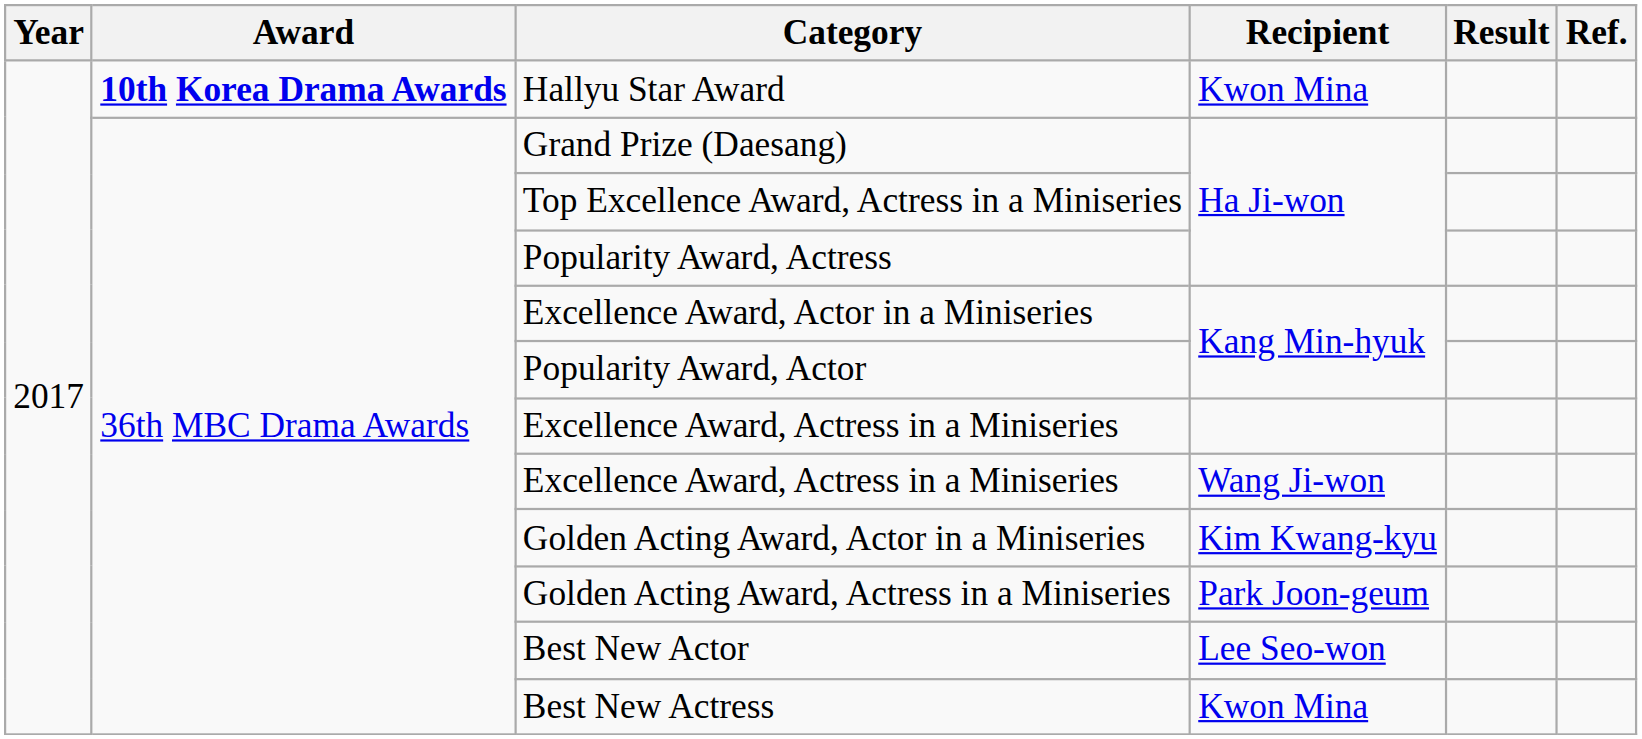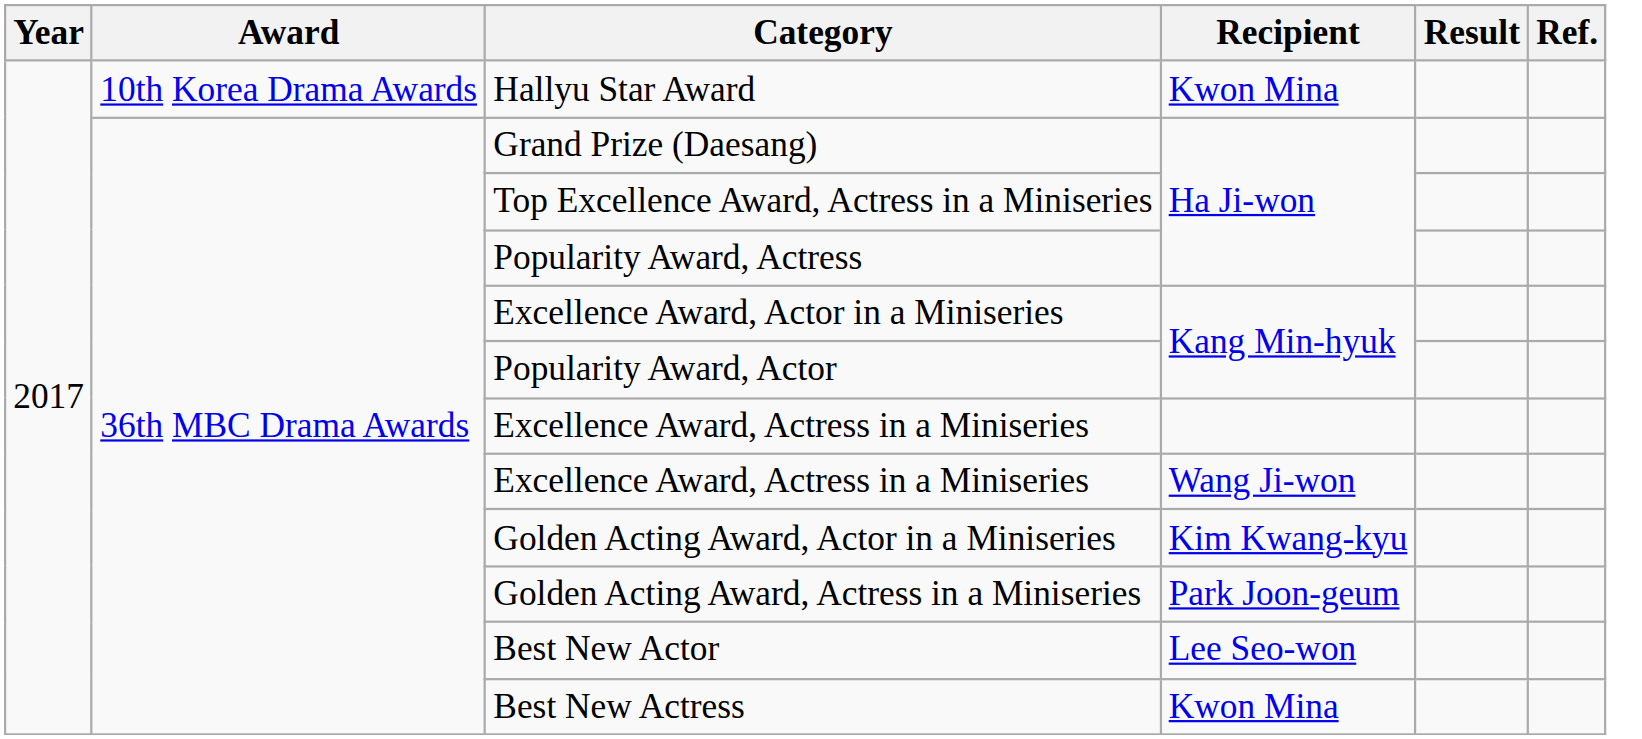 <table class="wikitable">
 <tr>
 <th>Year</th>
 <th>Award</th>
 <th>Category</th>
 <th>Recipient</th>
 <th>Result</th>
 <th>Ref.</th>
 </tr>
 <tr>
 <td rowspan="12">2017</td>
-<td><strong><a href='#'>10th</a> <a href='#'>Korea Drama Awards</a></strong></td>
+<td><a href='#'>10th</a> <a href='#'>Korea Drama Awards</a></td>
 <td>Hallyu Star Award</td>
 <td><a href='#'>Kwon Mina</a></td>
 <td></td>
 <td></td>
 </tr>
 <tr>
 <td rowspan="11"><a href='#'>36th</a> <a href='#'>MBC Drama Awards</a></td>
 <td>Grand Prize (Daesang)</td>
 <td rowspan="3"><a href='#'>Ha Ji-won</a></td>
 <td></td>
 <td></td>
 </tr>
 <tr>
 <td>Top Excellence Award, Actress in a Miniseries</td>
 <td></td>
 <td></td>
 </tr>
 <tr>
 <td>Popularity Award, Actress</td>
 <td></td>
 <td></td>
 </tr>
 <tr>
 <td>Excellence Award, Actor in a Miniseries</td>
 <td rowspan="2"><a href='#'>Kang Min-hyuk</a></td>
 <td></td>
 <td></td>
 </tr>
 <tr>
 <td>Popularity Award, Actor</td>
 <td></td>
 <td></td>
 </tr>
 <tr>
 <td>Excellence Award, Actress in a Miniseries</td>
 <td></td>
 <td></td>
 <td></td>
 </tr>
 <tr>
 <td>Excellence Award, Actress in a Miniseries</td>
 <td><a href='#'>Wang Ji-won</a></td>
 <td></td>
 <td></td>
 </tr>
 <tr>
 <td>Golden Acting Award, Actor in a Miniseries</td>
 <td><a href='#'>Kim Kwang-kyu</a></td>
 <td></td>
 <td></td>
 </tr>
 <tr>
 <td>Golden Acting Award, Actress in a Miniseries</td>
 <td><a href='#'>Park Joon-geum</a></td>
 <td></td>
 <td></td>
 </tr>
 <tr>
 <td>Best New Actor</td>
 <td><a href='#'>Lee Seo-won</a></td>
 <td></td>
 <td></td>
 </tr>
 <tr>
 <td>Best New Actress</td>
 <td><a href='#'>Kwon Mina</a></td>
 <td></td>
 <td></td>
 </tr>
 </table>
